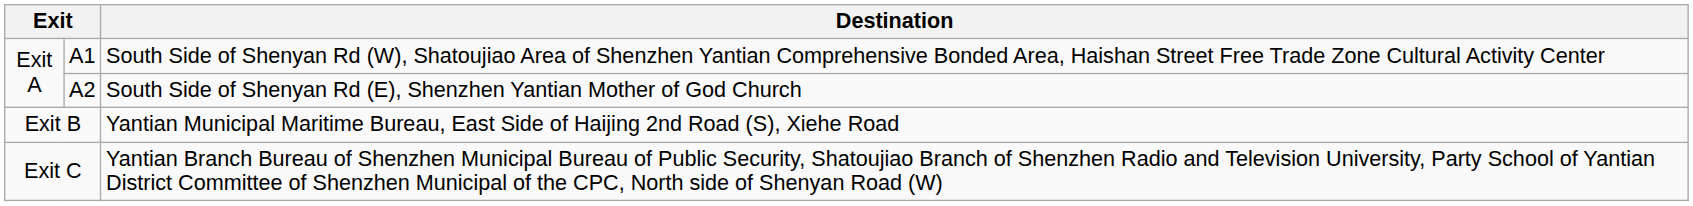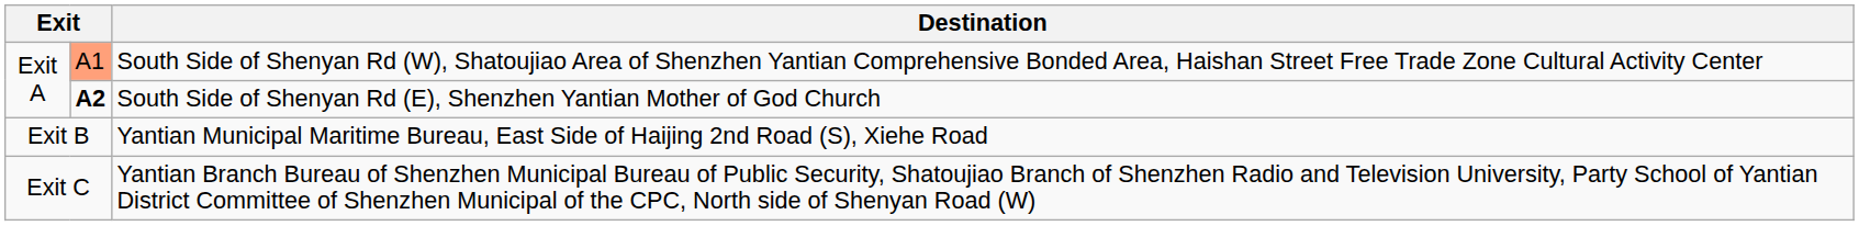 <table class="wikitable">
 <tr>
 <th style="width:70px" colspan="2">Exit</th>
 <th>Destination</th>
 </tr>
 <tr>
 <td align="center" rowspan="2">Exit A</td>
-<td>A1</td>
+<td style="background: lightsalmon;">A1</td>
 <td>South Side of Shenyan Rd (W), Shatoujiao Area of Shenzhen Yantian Comprehensive Bonded Area, Haishan Street Free Trade Zone Cultural Activity Center</td>
 </tr>
 <tr>
-<td>A2</td>
+<td><strong>A2</strong></td>
 <td>South Side of Shenyan Rd (E), Shenzhen Yantian Mother of God Church</td>
 </tr>
 <tr>
 <td align="center" colspan="2">Exit B</td>
 <td>Yantian Municipal Maritime Bureau, East Side of Haijing 2nd Road (S), Xiehe Road</td>
 </tr>
 <tr>
 <td align="center" colspan="2">Exit C</td>
 <td>Yantian Branch Bureau of Shenzhen Municipal Bureau of Public Security, Shatoujiao Branch of Shenzhen Radio and Television University, Party School of Yantian District Committee of Shenzhen Municipal of the CPC, North side of Shenyan Road (W)</td>
 </tr>
 </table>
